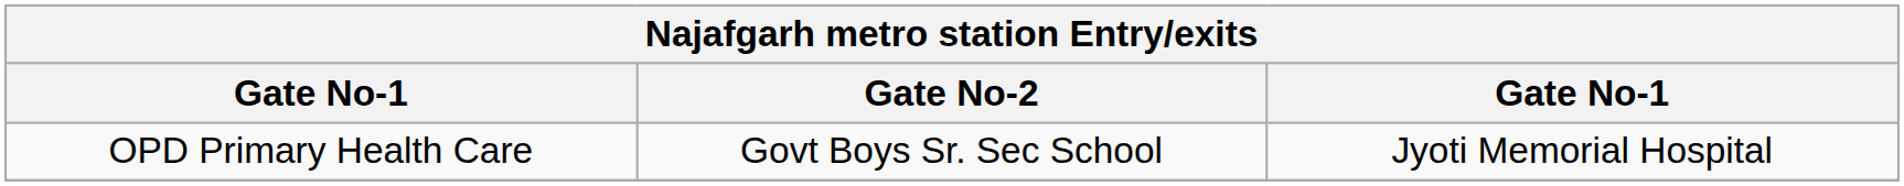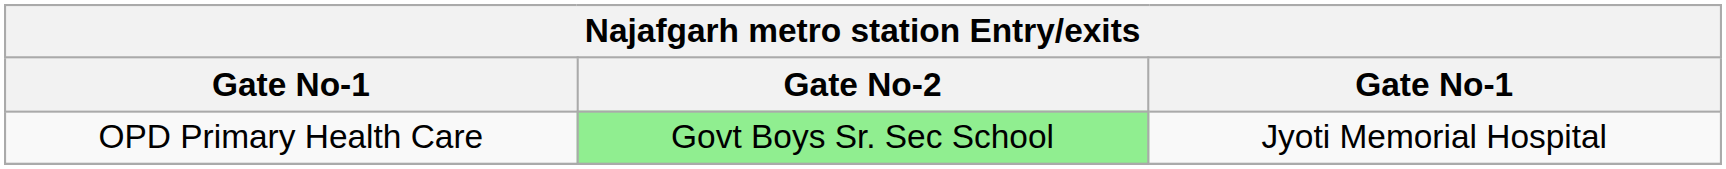 <table class="wikitable" style="text-align: center;" width="65%">
 <tr>
 <th align="center" colspan="5" style="background:#"><span>Najafgarh metro station Entry/exits</span></th>
 </tr>
 <tr>
 <th style="width:15%;">Gate No-1</th>
 <th style="width:15%;">Gate No-2 </th>
 <th style="width:15%;">Gate No-1</th>
 </tr>
 <tr>
 <td>OPD Primary Health Care <br></td>
-<td>Govt Boys Sr. Sec School<br></td>
+<td style="background: lightgreen;">Govt Boys Sr. Sec School<br></td>
 <td>Jyoti Memorial Hospital<br></td>
 </tr>
 <tr>
 </tr>
 </table>
